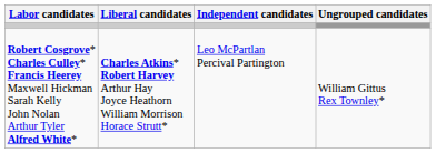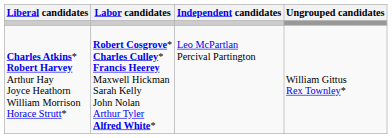 <table class="wikitable">
 <tr>
+<th><a href='#'>Liberal</a> candidates</th>
 <th><a href='#'>Labor</a> candidates</th>
-<th><a href='#'>Liberal</a> candidates</th>
 <th><a href='#'>Independent</a> candidates</th>
 <th>Ungrouped candidates</th>
 </tr>
 <tr bgcolor="#cccccc">
 <td></td>
 <td></td>
 <td></td>
 <td bgcolor="#999999"></td>
 </tr>
 <tr>
+<td><br><strong><a href='#'>Charles Atkins</a></strong>*<br> <strong><a href='#'>Robert Harvey</a></strong><br> Arthur Hay<br> Joyce Heathorn<br> William Morrison<br> <a href='#'>Horace Strutt</a>*</td>
 <td><br><strong><a href='#'>Robert Cosgrove</a></strong>*<br> <strong><a href='#'>Charles Culley</a></strong>*<br> <strong><a href='#'>Francis Heerey</a></strong><br> Maxwell Hickman<br> Sarah Kelly<br> John Nolan<br> <a href='#'>Arthur Tyler</a><br> <strong><a href='#'>Alfred White</a></strong>*</td>
-<td><br><strong><a href='#'>Charles Atkins</a></strong>*<br> <strong><a href='#'>Robert Harvey</a></strong><br> Arthur Hay<br> Joyce Heathorn<br> William Morrison<br> <a href='#'>Horace Strutt</a>*</td>
 <td valign=top><br><a href='#'>Leo McPartlan</a><br> Percival Partington</td>
 <td><br>William Gittus<br> <a href='#'>Rex Townley</a>*</td>
 </tr>
 </table>
